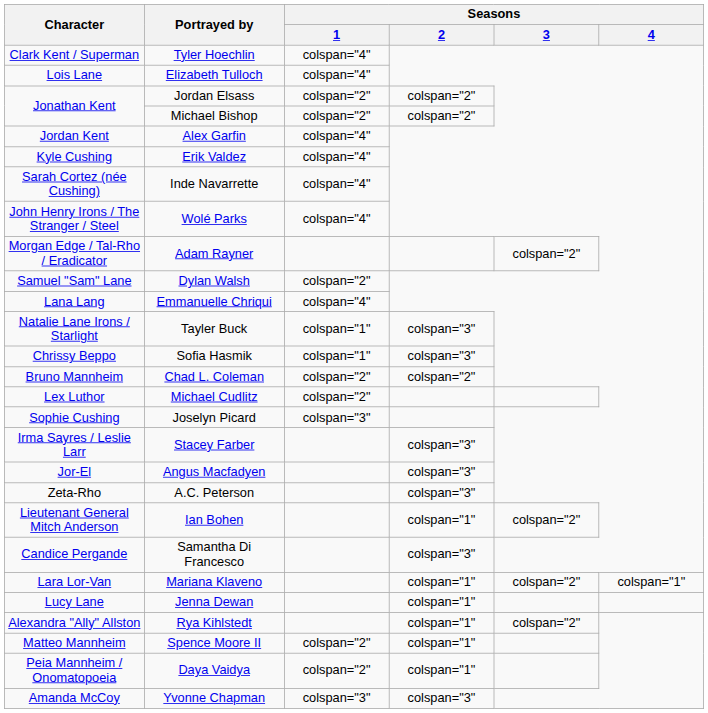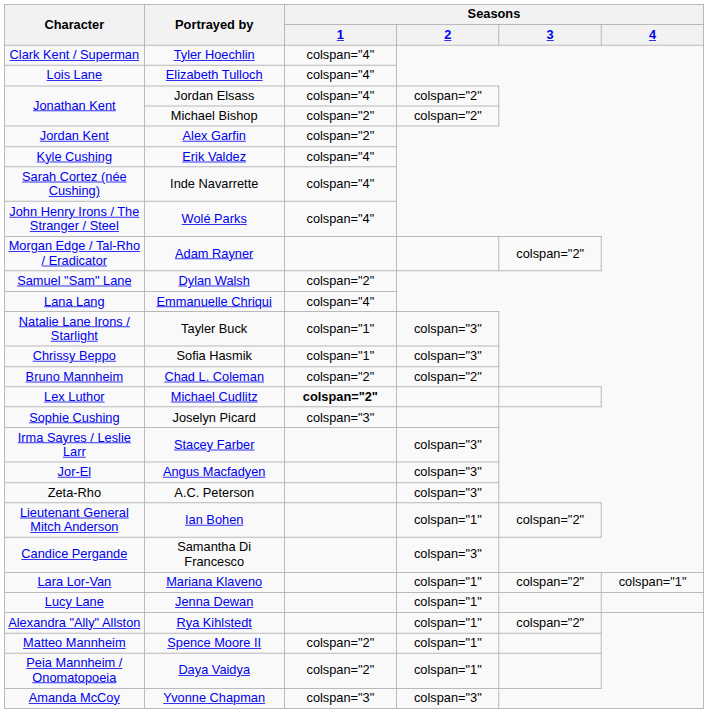 <table class="wikitable plainrowheaders" style="text-align:center;" width="99%">
 <tr>
 <th scope="col" rowspan="2" style="width:20%;">Character</th>
 <th scope="col" rowspan="2" style="width:20%;">Portrayed by</th>
 <th scope="col" colspan="4">Seasons</th>
 </tr>
 <tr>
 <th scope="col"><a href='#'>1</a></th>
 <th scope="col"><a href='#'>2</a></th>
 <th scope="col"><a href='#'>3</a></th>
 <th scope="col"><a href='#'>4</a></th>
 </tr>
 <tr>
 <td><a href='#'>Clark Kent / Superman</a></td>
 <td><a href='#'>Tyler Hoechlin</a></td>
 <td>colspan="4" </td>
 </tr>
 <tr>
 <td><a href='#'>Lois Lane</a></td>
 <td><a href='#'>Elizabeth Tulloch</a></td>
 <td>colspan="4" </td>
 </tr>
 <tr>
 <td rowspan="2"><a href='#'>Jonathan Kent</a></td>
 <td>Jordan Elsass</td>
-<td>colspan="2" </td>
+<td>colspan="4" </td>
 <td>colspan="2" </td>
 </tr>
 <tr>
 <td>Michael Bishop</td>
 <td>colspan="2" </td>
 <td>colspan="2" </td>
 </tr>
 <tr>
 <td><a href='#'>Jordan Kent</a></td>
 <td><a href='#'>Alex Garfin</a></td>
-<td>colspan="4" </td>
+<td>colspan="2" </td>
 </tr>
 <tr>
 <td><a href='#'>Kyle Cushing</a></td>
 <td><a href='#'>Erik Valdez</a></td>
 <td>colspan="4" </td>
 </tr>
 <tr>
 <td><a href='#'>Sarah Cortez (née Cushing)</a></td>
 <td>Inde Navarrette</td>
 <td>colspan="4" </td>
 </tr>
 <tr>
 <td><a href='#'>John Henry Irons / The Stranger / Steel</a></td>
 <td><a href='#'>Wolé Parks</a></td>
 <td>colspan="4" </td>
 </tr>
 <tr>
 <td><a href='#'>Morgan Edge / Tal-Rho / Eradicator</a></td>
 <td><a href='#'>Adam Rayner</a></td>
 <td></td>
 <td></td>
 <td>colspan="2" </td>
 </tr>
 <tr>
 <td><a href='#'>Samuel "Sam" Lane</a></td>
 <td><a href='#'>Dylan Walsh</a></td>
 <td>colspan="2" </td>
 </tr>
 <tr>
 <td><a href='#'>Lana Lang</a></td>
 <td><a href='#'>Emmanuelle Chriqui</a></td>
 <td>colspan="4" </td>
 </tr>
 <tr>
 <td><a href='#'>Natalie Lane Irons / Starlight</a></td>
 <td>Tayler Buck</td>
 <td>colspan="1" </td>
 <td>colspan="3" </td>
 </tr>
 <tr>
 <td><a href='#'>Chrissy Beppo</a></td>
 <td>Sofia Hasmik</td>
 <td>colspan="1" </td>
 <td>colspan="3" </td>
 </tr>
 <tr>
 <td><a href='#'>Bruno Mannheim</a></td>
 <td><a href='#'>Chad L. Coleman</a></td>
 <td>colspan="2" </td>
 <td>colspan="2" </td>
 </tr>
 <tr>
 <td><a href='#'>Lex Luthor</a></td>
 <td><a href='#'>Michael Cudlitz</a></td>
-<td>colspan="2" </td>
+<td><strong>colspan="2" </strong></td>
 <td></td>
 <td></td>
 </tr>
 <tr>
 <td><a href='#'>Sophie Cushing</a></td>
 <td>Joselyn Picard</td>
 <td>colspan="3" </td>
 <td></td>
 </tr>
 <tr>
 <td><a href='#'>Irma Sayres / Leslie Larr</a></td>
 <td><a href='#'>Stacey Farber</a></td>
 <td></td>
 <td>colspan="3" </td>
 </tr>
 <tr>
 <td><a href='#'>Jor-El</a></td>
 <td><a href='#'>Angus Macfadyen</a></td>
 <td></td>
 <td>colspan="3" </td>
 </tr>
 <tr>
 <td>Zeta-Rho</td>
 <td>A.C. Peterson</td>
 <td></td>
 <td>colspan="3" </td>
 </tr>
 <tr>
 <td><a href='#'>Lieutenant General Mitch Anderson</a></td>
 <td><a href='#'>Ian Bohen</a></td>
 <td></td>
 <td>colspan="1" </td>
 <td>colspan="2" </td>
 </tr>
 <tr>
 <td><a href='#'>Candice Pergande</a></td>
 <td>Samantha Di Francesco</td>
 <td></td>
 <td>colspan="3" </td>
 </tr>
 <tr>
 <td><a href='#'>Lara Lor-Van</a></td>
 <td><a href='#'>Mariana Klaveno</a></td>
 <td></td>
 <td>colspan="1" </td>
 <td>colspan="2" </td>
 <td>colspan="1" </td>
 </tr>
 <tr>
 <td><a href='#'>Lucy Lane</a></td>
 <td><a href='#'>Jenna Dewan</a></td>
 <td></td>
 <td>colspan="1" </td>
 <td></td>
 <td></td>
 </tr>
 <tr>
 <td><a href='#'>Alexandra "Ally" Allston</a></td>
 <td><a href='#'>Rya Kihlstedt</a></td>
 <td></td>
 <td>colspan="1" </td>
 <td>colspan="2" </td>
 </tr>
 <tr>
 <td><a href='#'>Matteo Mannheim</a></td>
 <td><a href='#'>Spence Moore II</a></td>
 <td>colspan="2" </td>
 <td>colspan="1" </td>
 <td></td>
 </tr>
 <tr>
 <td><a href='#'>Peia Mannheim / Onomatopoeia</a></td>
 <td><a href='#'>Daya Vaidya</a></td>
 <td>colspan="2" </td>
 <td>colspan="1" </td>
 <td></td>
 </tr>
 <tr>
 <td><a href='#'>Amanda McCoy</a></td>
 <td><a href='#'>Yvonne Chapman</a></td>
 <td>colspan="3" </td>
 <td>colspan="3" </td>
 </tr>
 </table>
